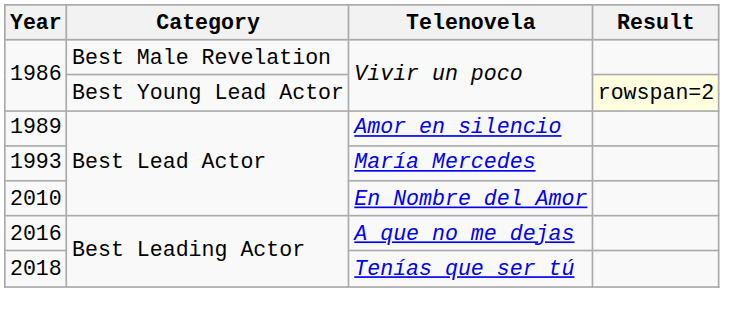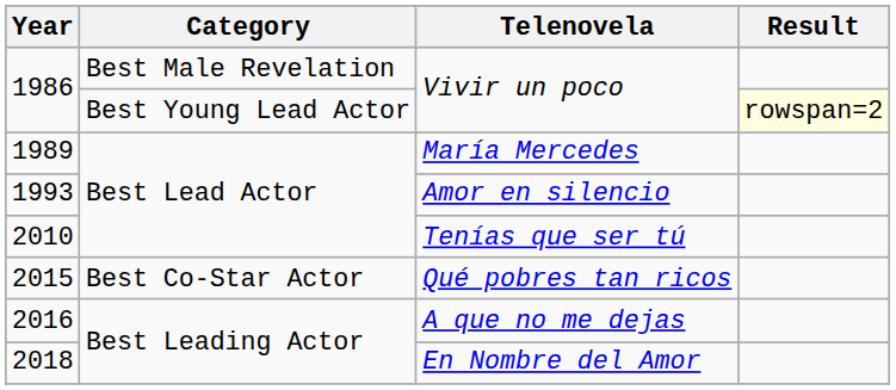 <table class="wikitable">
 <tr style="background:#b0c4de;">
 <th>Year</th>
 <th>Category</th>
 <th>Telenovela</th>
 <th>Result</th>
 </tr>
 <tr>
 <td rowspan="2">1986</td>
 <td>Best Male Revelation</td>
 <td rowspan=2><em>Vivir un poco</em></td>
 <td></td>
 </tr>
 <tr>
 <td>Best Young Lead Actor</td>
 <td style="background: lightyellow;">rowspan=2 </td>
 </tr>
 <tr>
 <td>1989</td>
 <td rowspan=3>Best Lead Actor</td>
-<td><em><a href='#'>Amor en silencio</a></em></td>
+<td><em><a href='#'>María Mercedes</a></em></td>
 </tr>
 <tr>
 <td>1993</td>
-<td><em><a href='#'>María Mercedes</a></em></td>
+<td><em><a href='#'>Amor en silencio</a></em></td>
 <td></td>
 </tr>
 <tr>
 <td>2010</td>
-<td><em><a href='#'>En Nombre del Amor</a></em></td>
+<td><em><a href='#'>Tenías que ser tú</a> </em></td>
+<td></td>
+</tr>
+<tr>
+<td>2015</td>
+<td>Best Co-Star Actor</td>
+<td><em><a href='#'>Qué pobres tan ricos</a></em></td>
 <td></td>
 </tr>
 <tr>
 <td>2016</td>
 <td rowspan="2">Best Leading Actor</td>
 <td><em><a href='#'>A que no me dejas</a></em></td>
 <td></td>
 </tr>
 <tr>
 <td>2018</td>
-<td><em><a href='#'>Tenías que ser tú</a> </em></td>
+<td><em><a href='#'>En Nombre del Amor</a></em></td>
 <td></td>
 </tr>
 </table>
